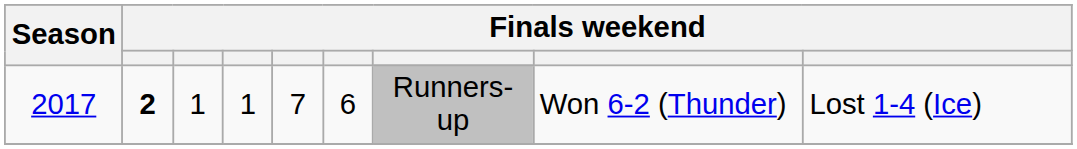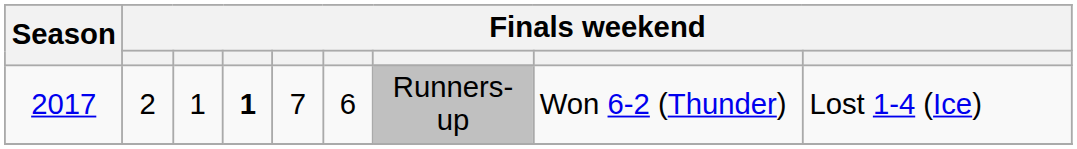 <table class="wikitable" style="text-align: center">
 <tr>
 <th rowspan="2" style="width:40px">Season</th>
 <th colspan="8">Finals weekend</th>
 </tr>
 <tr>
 <th width="20px"></th>
 <th width="20px"></th>
 <th width="20px"></th>
 <th width="20px"></th>
 <th width="20px"></th>
 <th width="80px"></th>
 <th width="140px"></th>
 <th width="140px"></th>
 </tr>
 <tr>
 <td><a href='#'>2017</a></td>
-<td><strong>2</strong></td>
+<td>2</td>
 <td>1</td>
-<td>1</td>
+<td><strong>1</strong></td>
 <td>7</td>
 <td>6</td>
 <td bgcolor="silver">Runners-up</td>
 <td align="left">Won <a href='#'>6-2</a> (<a href='#'>Thunder</a>)</td>
 <td align="left">Lost <a href='#'>1-4</a> (<a href='#'>Ice</a>)</td>
 </tr>
 <tr>
 </tr>
 </table>
